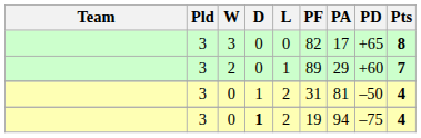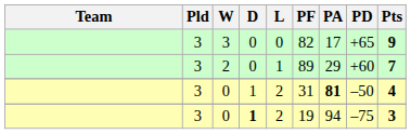 <table class="wikitable" style="text-align:center;">
 <tr>
 <th width=175>Team</th>
 <th width=20 abbr="Played">Pld</th>
 <th width=20 abbr="Won">W</th>
 <th width=20 abbr="Drawn">D</th>
 <th width=20 abbr="Lost">L</th>
 <th width=20 abbr="Points for">PF</th>
 <th width=20 abbr="Points against">PA</th>
 <th width=25 abbr="Points difference">PD</th>
 <th width=20 abbr="Points">Pts</th>
 </tr>
 <tr style="background:#ccffcc">
 <td align=left></td>
 <td>3</td>
 <td>3</td>
 <td>0</td>
 <td>0</td>
 <td>82</td>
 <td>17</td>
 <td>+65</td>
-<td><strong>8</strong></td>
+<td><strong>9</strong></td>
 </tr>
 <tr style="background:#ccffcc">
 <td align=left></td>
 <td>3</td>
 <td>2</td>
 <td>0</td>
 <td>1</td>
 <td>89</td>
 <td>29</td>
 <td>+60</td>
 <td><strong>7</strong></td>
 </tr>
 <tr>
 </tr>
 <tr style="background:#feffb4">
 <td align=left></td>
 <td>3</td>
 <td>0</td>
 <td>1</td>
 <td>2</td>
 <td>31</td>
-<td>81</td>
+<td><strong>81</strong></td>
 <td>–50</td>
 <td><strong>4</strong></td>
 </tr>
 <tr>
 </tr>
 <tr style="background:#feffb4">
 <td align=left></td>
 <td>3</td>
 <td>0</td>
 <td><strong>1</strong></td>
 <td>2</td>
 <td>19</td>
 <td>94</td>
 <td>–75</td>
-<td><strong>4</strong></td>
+<td><strong>3</strong></td>
 </tr>
 </table>
